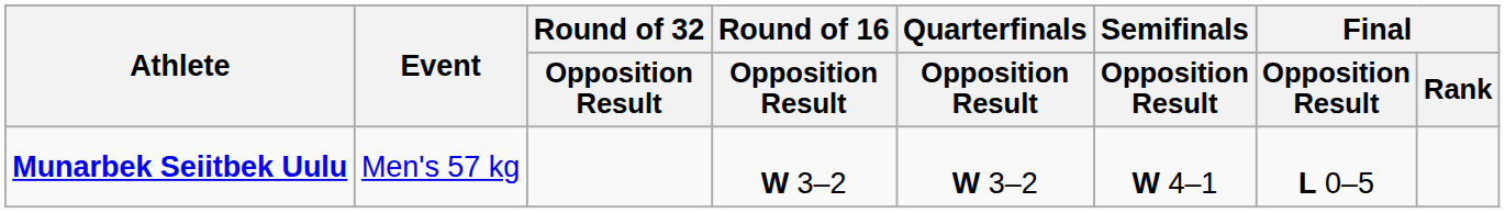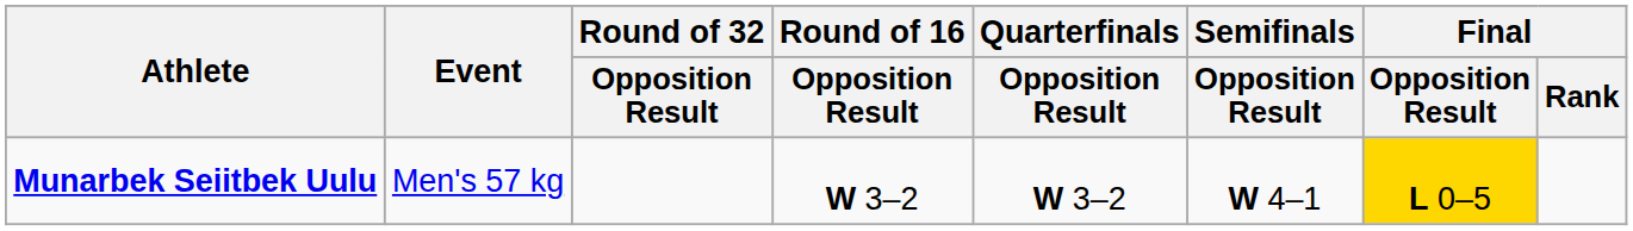 <table class="wikitable" style="font-size:90%">
 <tr>
 <th rowspan="2">Athlete</th>
 <th rowspan="2">Event</th>
 <th>Round of 32</th>
 <th>Round of 16</th>
 <th>Quarterfinals</th>
 <th>Semifinals</th>
 <th colspan=2>Final</th>
 </tr>
 <tr style="font-size:95%">
 <th>Opposition<br>Result</th>
 <th>Opposition<br>Result</th>
 <th>Opposition<br>Result</th>
 <th>Opposition<br>Result</th>
 <th>Opposition<br>Result</th>
 <th>Rank</th>
 </tr>
 <tr align=center>
 <td align=left><strong><a href='#'>Munarbek Seiitbek Uulu</a></strong></td>
 <td align=left><a href='#'>Men's 57 kg</a></td>
 <td></td>
 <td><br><strong>W</strong> 3–2</td>
 <td><br><strong>W</strong> 3–2</td>
 <td><br> <strong>W</strong> 4–1</td>
-<td><br> <strong>L</strong> 0–5</td>
+<td style="background: gold;"><br> <strong>L</strong> 0–5</td>
 <td></td>
 </tr>
 </table>
